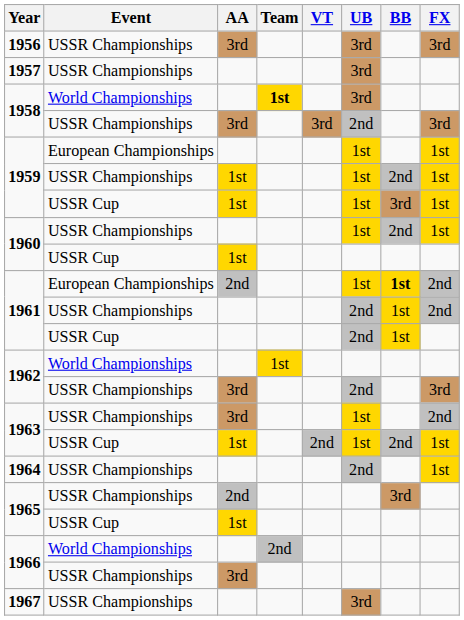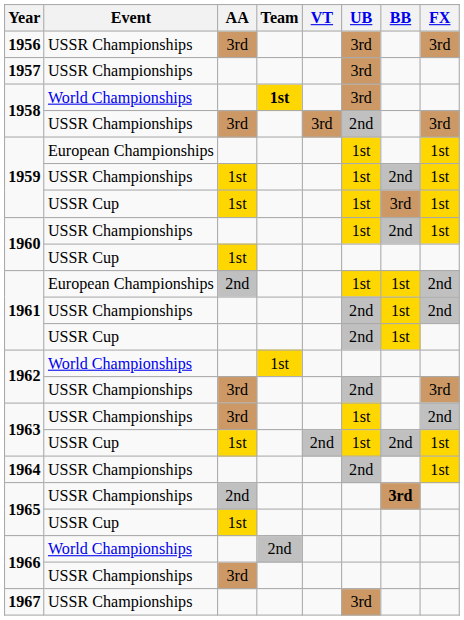 <table class="wikitable" style="text-align:center; font-size: 95%;">
 <tr>
 <th>Year</th>
 <th>Event</th>
 <th width=30px>AA</th>
 <th width=30px>Team</th>
 <th width=30px><a href='#'>VT</a></th>
 <th width=30px><a href='#'>UB</a></th>
 <th width=30px><a href='#'>BB</a></th>
 <th width=30px><a href='#'>FX</a></th>
 </tr>
 <tr>
 <td rowspan="1"><strong>1956</strong></td>
 <td align=left>USSR Championships</td>
 <td bgcolor=CC9966>3rd</td>
 <td></td>
 <td></td>
 <td bgcolor=CC9966>3rd</td>
 <td></td>
 <td bgcolor=CC9966>3rd</td>
 </tr>
 <tr>
 <td rowspan="1"><strong>1957</strong></td>
 <td align=left>USSR Championships</td>
 <td></td>
 <td></td>
 <td></td>
 <td bgcolor=CC9966>3rd</td>
 <td></td>
 <td></td>
 </tr>
 <tr>
 <td rowspan="2"><strong>1958</strong></td>
 <td align=left><a href='#'>World Championships</a></td>
 <td></td>
 <td bgcolor=gold><strong>1st</strong></td>
 <td></td>
 <td bgcolor=CC9966>3rd</td>
 <td></td>
 <td></td>
 </tr>
 <tr>
 <td align=left>USSR Championships</td>
 <td bgcolor=CC9966>3rd</td>
 <td></td>
 <td bgcolor=CC9966>3rd</td>
 <td bgcolor=silver>2nd</td>
 <td></td>
 <td bgcolor=CC9966>3rd</td>
 </tr>
 <tr>
 <td rowspan="3"><strong>1959</strong></td>
 <td align=left>European Championships</td>
 <td></td>
 <td></td>
 <td></td>
 <td bgcolor=gold>1st</td>
 <td></td>
 <td bgcolor=gold>1st</td>
 </tr>
 <tr>
 <td align=left>USSR Championships</td>
 <td bgcolor=gold>1st</td>
 <td></td>
 <td></td>
 <td bgcolor=gold>1st</td>
 <td bgcolor=silver>2nd</td>
 <td bgcolor=gold>1st</td>
 </tr>
 <tr>
 <td align=left>USSR Cup</td>
 <td bgcolor=gold>1st</td>
 <td></td>
 <td></td>
 <td bgcolor=gold>1st</td>
 <td bgcolor=CC9966>3rd</td>
 <td bgcolor=gold>1st</td>
 </tr>
 <tr>
 <td rowspan="2"><strong>1960</strong></td>
 <td align=left>USSR Championships</td>
 <td></td>
 <td></td>
 <td></td>
 <td bgcolor=gold>1st</td>
 <td bgcolor=silver>2nd</td>
 <td bgcolor=gold>1st</td>
 </tr>
 <tr>
 <td align=left>USSR Cup</td>
 <td bgcolor=gold>1st</td>
 <td></td>
 <td></td>
 <td></td>
 <td></td>
 <td></td>
 </tr>
 <tr>
 <td rowspan="3"><strong>1961</strong></td>
 <td align=left>European Championships</td>
 <td bgcolor=silver>2nd</td>
 <td></td>
 <td></td>
 <td bgcolor=gold>1st</td>
-<td bgcolor=gold><strong>1st</strong></td>
+<td bgcolor=gold>1st</td>
 <td bgcolor=silver>2nd</td>
 </tr>
 <tr>
 <td align=left>USSR Championships</td>
 <td></td>
 <td></td>
 <td></td>
 <td bgcolor=silver>2nd</td>
 <td bgcolor=gold>1st</td>
 <td bgcolor=silver>2nd</td>
 </tr>
 <tr>
 <td align=left>USSR Cup</td>
 <td></td>
 <td></td>
 <td></td>
 <td bgcolor=silver>2nd</td>
 <td bgcolor=gold>1st</td>
 <td></td>
 </tr>
 <tr>
 <td rowspan="2"><strong>1962</strong></td>
 <td align=left><a href='#'>World Championships</a></td>
 <td></td>
 <td bgcolor=gold>1st</td>
 <td></td>
 <td></td>
 <td></td>
 <td></td>
 </tr>
 <tr>
 <td align=left>USSR Championships</td>
 <td bgcolor=CC9966>3rd</td>
 <td></td>
 <td></td>
 <td bgcolor=silver>2nd</td>
 <td></td>
 <td bgcolor=CC9966>3rd</td>
 </tr>
 <tr>
 <td rowspan="2"><strong>1963</strong></td>
 <td align=left>USSR Championships</td>
 <td bgcolor=CC9966>3rd</td>
 <td></td>
 <td></td>
 <td bgcolor=gold>1st</td>
 <td></td>
 <td bgcolor=silver>2nd</td>
 </tr>
 <tr>
 <td align=left>USSR Cup</td>
 <td bgcolor=gold>1st</td>
 <td></td>
 <td bgcolor=silver>2nd</td>
 <td bgcolor=gold>1st</td>
 <td bgcolor=silver>2nd</td>
 <td bgcolor=gold>1st</td>
 </tr>
 <tr>
 <td rowspan="1"><strong>1964</strong></td>
 <td align=left>USSR Championships</td>
 <td></td>
 <td></td>
 <td></td>
 <td bgcolor=silver>2nd</td>
 <td></td>
 <td bgcolor=gold>1st</td>
 </tr>
 <tr>
 <td rowspan="2"><strong>1965</strong></td>
 <td align=left>USSR Championships</td>
 <td bgcolor=silver>2nd</td>
 <td></td>
 <td></td>
 <td></td>
-<td bgcolor=CC9966>3rd</td>
+<td bgcolor=CC9966><strong>3rd</strong></td>
 <td></td>
 </tr>
 <tr>
 <td align=left>USSR Cup</td>
 <td bgcolor=gold>1st</td>
 <td></td>
 <td></td>
 <td></td>
 <td></td>
 <td></td>
 </tr>
 <tr>
 <td rowspan="2"><strong>1966</strong></td>
 <td align=left><a href='#'>World Championships</a></td>
 <td></td>
 <td bgcolor=silver>2nd</td>
 <td></td>
 <td></td>
 <td></td>
 <td></td>
 </tr>
 <tr>
 <td align=left>USSR Championships</td>
 <td bgcolor=CC9966>3rd</td>
 <td></td>
 <td></td>
 <td></td>
 <td></td>
 <td></td>
 </tr>
 <tr>
 <td rowspan="1"><strong>1967</strong></td>
 <td align=left>USSR Championships</td>
 <td></td>
 <td></td>
 <td></td>
 <td bgcolor=CC9966>3rd</td>
 <td></td>
 <td></td>
 </tr>
 </table>
